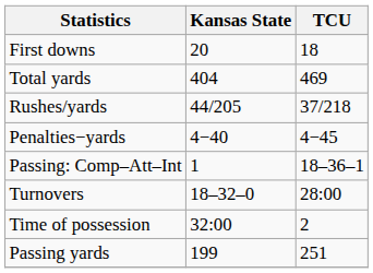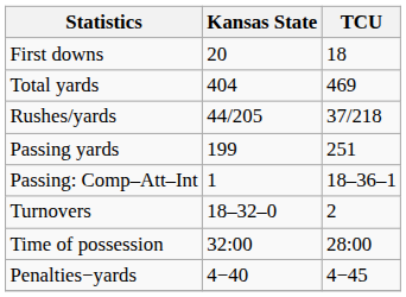 <table class="wikitable" style="float: left;">
 <tr>
 <th>Statistics</th>
 <th>Kansas State</th>
 <th>TCU</th>
 </tr>
 <tr>
 <td>First downs</td>
 <td>20</td>
 <td>18</td>
 </tr>
 <tr>
 <td>Total yards</td>
 <td>404</td>
 <td>469</td>
 </tr>
 <tr>
 <td>Rushes/yards</td>
 <td>44/205</td>
 <td>37/218</td>
 </tr>
 <tr>
-<td>Penalties−yards</td>
-<td>4−40</td>
-<td>4−45</td>
+<td>Passing yards</td>
+<td>199</td>
+<td>251</td>
 </tr>
 <tr>
 <td>Passing: Comp–Att–Int</td>
 <td>1</td>
 <td>18–36–1</td>
 </tr>
 <tr>
 <td>Turnovers</td>
 <td>18–32–0</td>
-<td>28:00</td>
+<td>2</td>
 </tr>
 <tr>
 <td>Time of possession</td>
 <td>32:00</td>
-<td>2</td>
+<td>28:00</td>
 </tr>
 <tr>
-<td>Passing yards</td>
-<td>199</td>
-<td>251</td>
+<td>Penalties−yards</td>
+<td>4−40</td>
+<td>4−45</td>
 </tr>
 <tr>
 </tr>
 </table>
